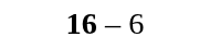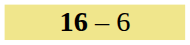 <table style="text-align:center">
 <tr>
 <th width=200></th>
 <th width=100></th>
 <th width=200></th>
 </tr>
 <tr>
 <td align=right><strong></strong></td>
-<td><strong>16</strong> – 6</td>
+<td style="background: khaki;"><strong>16</strong> – 6</td>
 <td align=left></td>
 </tr>
 </table>
